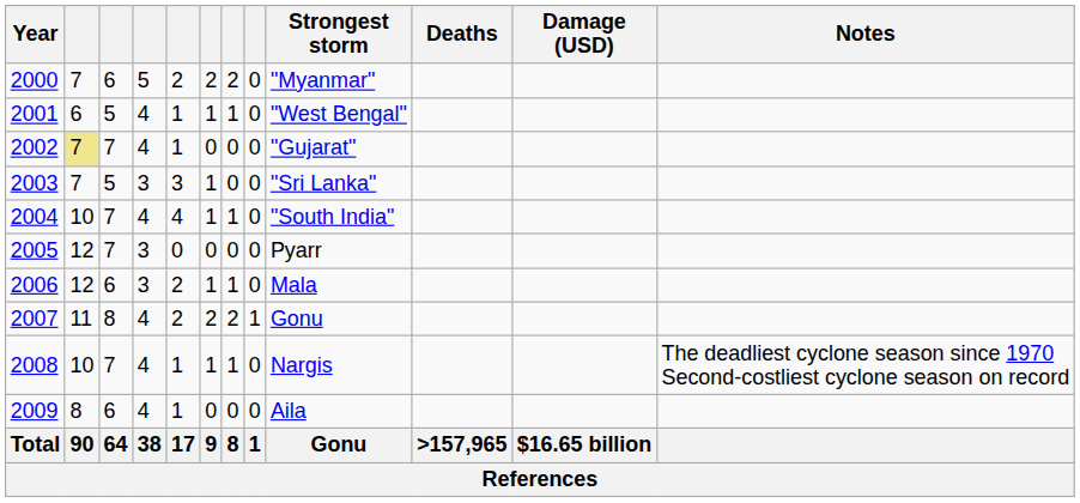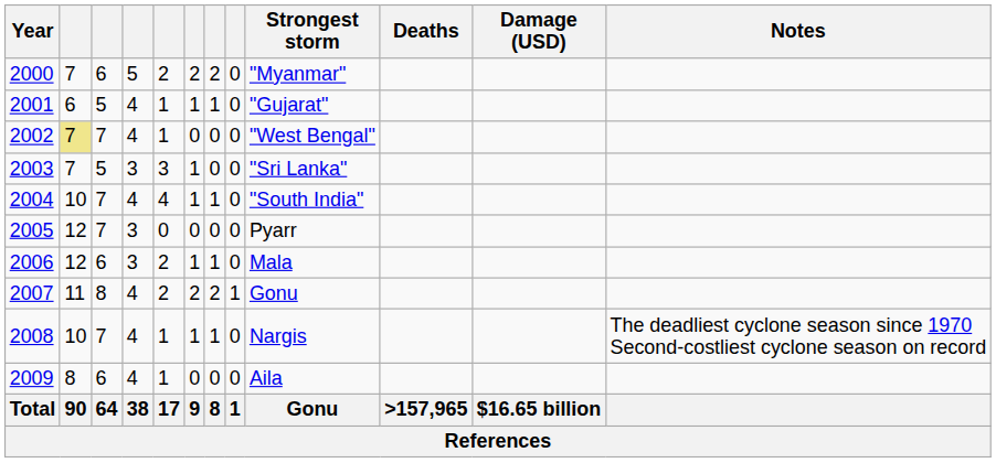 <table class="wikitable sortable">
 <tr>
 <th>Year</th>
 <th></th>
 <th></th>
 <th></th>
 <th></th>
 <th></th>
 <th></th>
 <th></th>
 <th>Strongest<br>storm</th>
 <th>Deaths</th>
 <th>Damage<br>(USD)</th>
 <th>Notes</th>
 </tr>
 <tr>
 <td><a href='#'>2000</a></td>
 <td>7</td>
 <td>6</td>
 <td>5</td>
 <td>2</td>
 <td>2</td>
 <td>2</td>
 <td>0</td>
 <td> <a href='#'>"Myanmar"</a></td>
 <td></td>
 <td></td>
 <td></td>
 </tr>
 <tr>
 <td><a href='#'>2001</a></td>
 <td>6</td>
 <td>5</td>
 <td>4</td>
 <td>1</td>
 <td>1</td>
 <td>1</td>
 <td>0</td>
-<td> <a href='#'>"West Bengal"</a></td>
+<td> <a href='#'>"Gujarat"</a></td>
 <td></td>
 <td></td>
 <td></td>
 </tr>
 <tr>
 <td><a href='#'>2002</a></td>
 <td style="background: khaki;">7</td>
 <td>7</td>
 <td>4</td>
 <td>1</td>
 <td>0</td>
 <td>0</td>
 <td>0</td>
-<td> <a href='#'>"Gujarat"</a></td>
+<td> <a href='#'>"West Bengal"</a></td>
 <td></td>
 <td></td>
 <td></td>
 </tr>
 <tr>
 <td><a href='#'>2003</a></td>
 <td>7</td>
 <td>5</td>
 <td>3</td>
 <td>3</td>
 <td>1</td>
 <td>0</td>
 <td>0</td>
 <td> <a href='#'>"Sri Lanka"</a></td>
 <td></td>
 <td></td>
 <td></td>
 </tr>
 <tr>
 <td><a href='#'>2004</a></td>
 <td>10</td>
 <td>7</td>
 <td>4</td>
 <td>4</td>
 <td>1</td>
 <td>1</td>
 <td>0</td>
 <td> <a href='#'>"South India"</a></td>
 <td></td>
 <td></td>
 <td></td>
 </tr>
 <tr>
 <td><a href='#'>2005</a></td>
 <td>12</td>
 <td>7</td>
 <td>3</td>
 <td>0</td>
 <td>0</td>
 <td>0</td>
 <td>0</td>
 <td> Pyarr</td>
 <td></td>
 <td></td>
 <td></td>
 </tr>
 <tr>
 <td><a href='#'>2006</a></td>
 <td>12</td>
 <td>6</td>
 <td>3</td>
 <td>2</td>
 <td>1</td>
 <td>1</td>
 <td>0</td>
 <td> <a href='#'>Mala</a></td>
 <td></td>
 <td></td>
 <td></td>
 </tr>
 <tr>
 <td><a href='#'>2007</a></td>
 <td>11</td>
 <td>8</td>
 <td>4</td>
 <td>2</td>
 <td>2</td>
 <td>2</td>
 <td>1</td>
 <td> <a href='#'>Gonu</a></td>
 <td></td>
 <td></td>
 <td></td>
 </tr>
 <tr>
 <td><a href='#'>2008</a></td>
 <td>10</td>
 <td>7</td>
 <td>4</td>
 <td>1</td>
 <td>1</td>
 <td>1</td>
 <td>0</td>
 <td> <a href='#'>Nargis</a></td>
 <td></td>
 <td></td>
 <td>The deadliest cyclone season since <a href='#'>1970</a><br>Second-costliest cyclone season on record</td>
 </tr>
 <tr>
 <td><a href='#'>2009</a></td>
 <td>8</td>
 <td>6</td>
 <td>4</td>
 <td>1</td>
 <td>0</td>
 <td>0</td>
 <td>0</td>
 <td> <a href='#'>Aila</a></td>
 <td></td>
 <td></td>
 <td></td>
 </tr>
 <tr>
 <th>Total</th>
 <th>90</th>
 <th>64</th>
 <th>38</th>
 <th>17</th>
 <th>9</th>
 <th>8</th>
 <th>1</th>
 <th>Gonu</th>
 <th>>157,965</th>
 <th>$16.65 billion</th>
 <th></th>
 </tr>
 <tr class="unsortable">
 <th colspan=12>References</th>
 </tr>
 </table>
